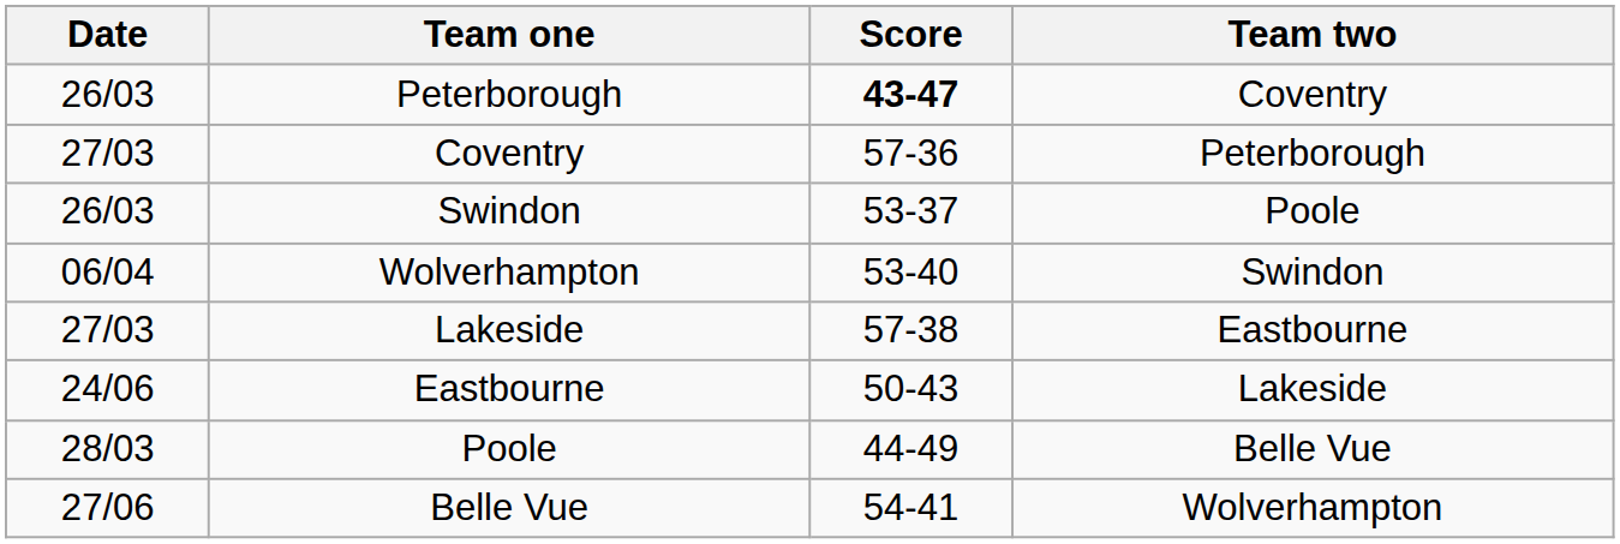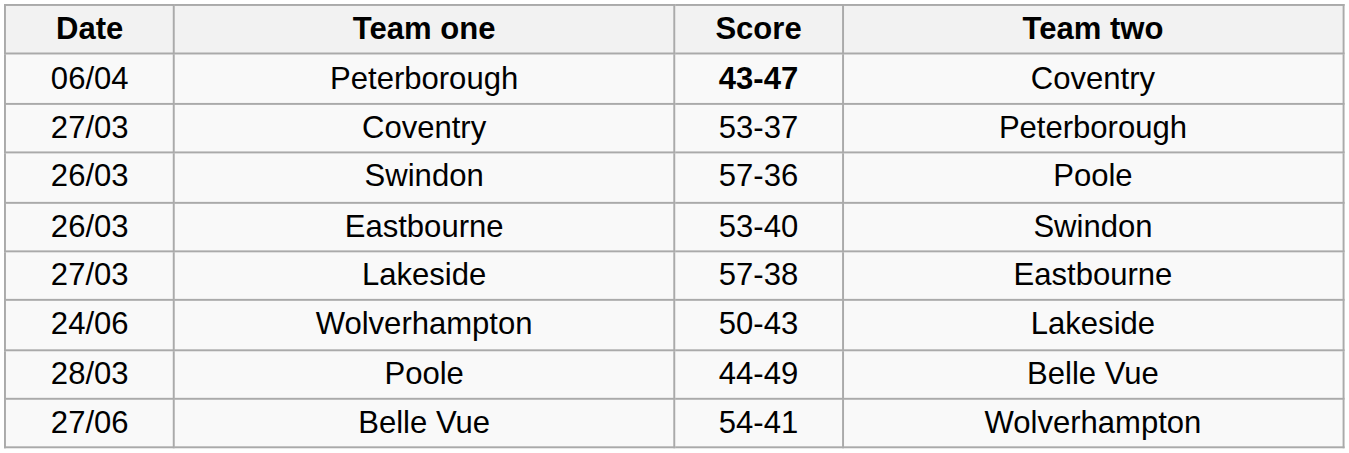 <table class="wikitable" style="text-align: center">
 <tr>
 <th width=80>Date</th>
 <th width=250>Team one</th>
 <th width=80>Score</th>
 <th width=250>Team two</th>
 </tr>
 <tr>
-<td>26/03</td>
+<td>06/04</td>
 <td>Peterborough</td>
 <td><strong>43-47</strong></td>
 <td>Coventry</td>
 </tr>
 <tr>
 <td>27/03</td>
 <td>Coventry</td>
-<td>57-36</td>
+<td>53-37</td>
 <td>Peterborough</td>
 </tr>
 <tr>
 <td>26/03</td>
 <td>Swindon</td>
-<td>53-37</td>
+<td>57-36</td>
 <td>Poole</td>
 </tr>
 <tr>
-<td>06/04</td>
-<td>Wolverhampton</td>
+<td>26/03</td>
+<td>Eastbourne</td>
 <td>53-40</td>
 <td>Swindon</td>
 </tr>
 <tr>
 <td>27/03</td>
 <td>Lakeside</td>
 <td>57-38</td>
 <td>Eastbourne</td>
 </tr>
 <tr>
 <td>24/06</td>
-<td>Eastbourne</td>
+<td>Wolverhampton</td>
 <td>50-43</td>
 <td>Lakeside</td>
 </tr>
 <tr>
 <td>28/03</td>
 <td>Poole</td>
 <td>44-49</td>
 <td>Belle Vue</td>
 </tr>
 <tr>
 <td>27/06</td>
 <td>Belle Vue</td>
 <td>54-41</td>
 <td>Wolverhampton</td>
 </tr>
 </table>
